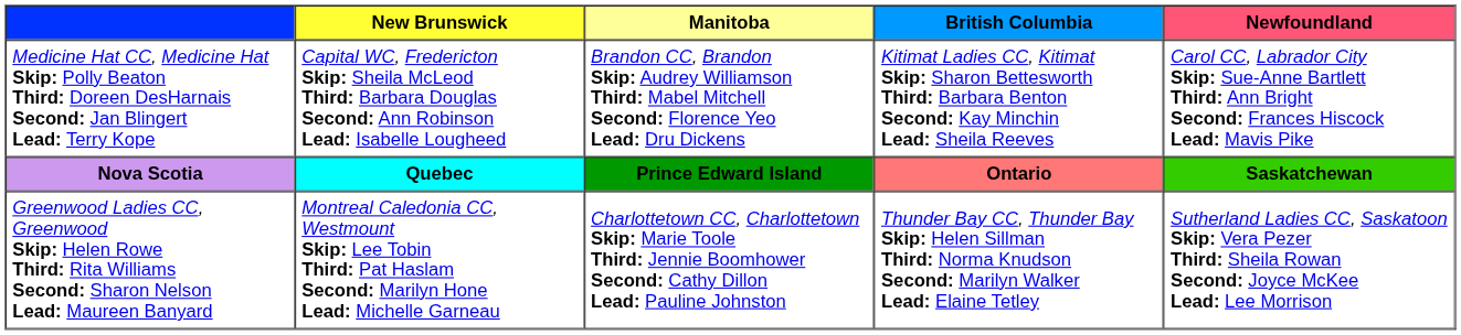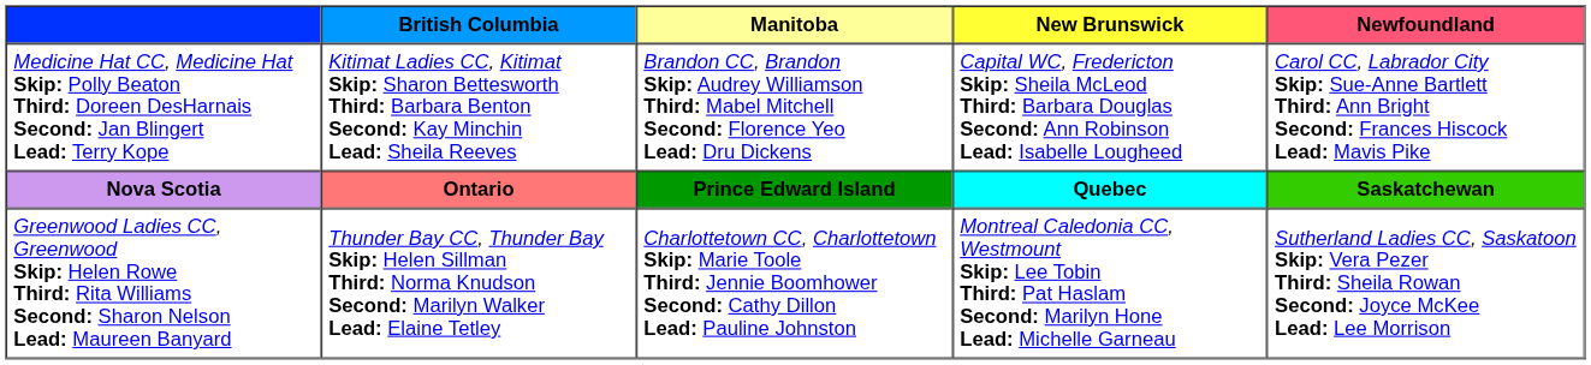 <table border=1 cellpadding=5 cellspacing=0>
 <tr>
 <th bgcolor="#0033ff" width="250"></th>
+<th bgcolor="#0099ff" width="250">British Columbia</th>
+<th bgcolor="#ffff99" width="250">Manitoba</th>
 <th bgcolor="#ffff33" width="250">New Brunswick</th>
-<th bgcolor="#ffff99" width="250">Manitoba</th>
-<th bgcolor="#0099ff" width="250">British Columbia</th>
 <th bgcolor="#ff5577" width="250">Newfoundland</th>
 </tr>
 <tr align=center>
 <td align=left><em><a href='#'>Medicine Hat CC</a>, <a href='#'>Medicine Hat</a></em><br><strong>Skip:</strong>  <a href='#'>Polly Beaton</a><br> <strong>Third:</strong>  <a href='#'>Doreen DesHarnais</a> <br> <strong>Second:</strong>  <a href='#'>Jan Blingert</a> <br> <strong>Lead:</strong> <a href='#'>Terry Kope</a> <br></td>
+<td align=left><em><a href='#'>Kitimat Ladies CC</a>, <a href='#'>Kitimat</a></em><br><strong>Skip:</strong>  <a href='#'>Sharon Bettesworth</a> <br> <strong>Third:</strong> <a href='#'>Barbara Benton</a><br> <strong>Second:</strong> <a href='#'>Kay Minchin</a> <br> <strong>Lead:</strong> <a href='#'>Sheila Reeves</a> <br></td>
+<td align=left><em><a href='#'>Brandon CC</a>, <a href='#'>Brandon</a></em><br><strong>Skip:</strong> <a href='#'>Audrey Williamson</a> <br> <strong>Third:</strong> <a href='#'>Mabel Mitchell</a> <br> <strong>Second:</strong> <a href='#'>Florence Yeo</a> <br> <strong>Lead:</strong> <a href='#'>Dru Dickens</a><br></td>
 <td align=left><em><a href='#'>Capital WC</a>, <a href='#'>Fredericton</a></em><br><strong>Skip:</strong>  <a href='#'>Sheila McLeod</a> <br> <strong>Third:</strong> <a href='#'>Barbara Douglas</a><br> <strong>Second:</strong> <a href='#'>Ann Robinson</a> <br> <strong>Lead:</strong> <a href='#'>Isabelle Lougheed</a> <br></td>
-<td align=left><em><a href='#'>Brandon CC</a>, <a href='#'>Brandon</a></em><br><strong>Skip:</strong> <a href='#'>Audrey Williamson</a> <br> <strong>Third:</strong> <a href='#'>Mabel Mitchell</a> <br> <strong>Second:</strong> <a href='#'>Florence Yeo</a> <br> <strong>Lead:</strong> <a href='#'>Dru Dickens</a><br></td>
-<td align=left><em><a href='#'>Kitimat Ladies CC</a>, <a href='#'>Kitimat</a></em><br><strong>Skip:</strong>  <a href='#'>Sharon Bettesworth</a> <br> <strong>Third:</strong> <a href='#'>Barbara Benton</a><br> <strong>Second:</strong> <a href='#'>Kay Minchin</a> <br> <strong>Lead:</strong> <a href='#'>Sheila Reeves</a> <br></td>
 <td align=left><em><a href='#'>Carol CC</a>, <a href='#'>Labrador City</a></em><br><strong>Skip:</strong>  <a href='#'>Sue-Anne Bartlett</a> <br> <strong>Third:</strong> <a href='#'>Ann Bright</a> <br> <strong>Second:</strong> <a href='#'>Frances Hiscock</a> <br> <strong>Lead:</strong> <a href='#'>Mavis Pike</a> <br></td>
 </tr>
 <tr border=1 cellpadding=5 cellspacing=0>
 <th bgcolor="#cc99ee" width="250">Nova Scotia</th>
+<th bgcolor="#ff7777" width="250">Ontario</th>
+<th bgcolor="#009900" width="250">Prince Edward Island</th>
 <th bgcolor="#00ffff" width="250">Quebec</th>
-<th bgcolor="#009900" width="250">Prince Edward Island</th>
-<th bgcolor="#ff7777" width="250">Ontario</th>
 <th bgcolor="#33cc00" width="250">Saskatchewan</th>
 </tr>
 <tr align=center>
 <td align=left><em><a href='#'>Greenwood Ladies CC</a>, <a href='#'>Greenwood</a></em><br><strong>Skip:</strong>  <a href='#'>Helen Rowe</a> <br> <strong>Third:</strong> <a href='#'>Rita Williams</a> <br> <strong>Second:</strong> <a href='#'>Sharon Nelson</a> <br> <strong>Lead:</strong> <a href='#'>Maureen Banyard</a><br></td>
+<td align=left><em><a href='#'>Thunder Bay CC</a>, <a href='#'>Thunder Bay</a></em><br><strong>Skip:</strong>  <a href='#'>Helen Sillman</a> <br> <strong>Third:</strong> <a href='#'>Norma Knudson</a><br> <strong>Second:</strong> <a href='#'>Marilyn Walker</a> <br> <strong>Lead:</strong> <a href='#'>Elaine Tetley</a> <br></td>
+<td align=left><em><a href='#'>Charlottetown CC</a>, <a href='#'>Charlottetown</a></em><br><strong>Skip:</strong>  <a href='#'>Marie Toole</a> <br> <strong>Third:</strong> <a href='#'>Jennie Boomhower</a><br> <strong>Second:</strong> <a href='#'>Cathy Dillon</a> <br> <strong>Lead:</strong> <a href='#'>Pauline Johnston</a> <br></td>
 <td align=left><em><a href='#'>Montreal Caledonia CC</a>, <a href='#'>Westmount</a></em><br><strong>Skip:</strong>  <a href='#'>Lee Tobin</a><br> <strong>Third:</strong> <a href='#'>Pat Haslam</a><br> <strong>Second:</strong> <a href='#'>Marilyn Hone</a><br> <strong>Lead:</strong> <a href='#'>Michelle Garneau</a><br></td>
-<td align=left><em><a href='#'>Charlottetown CC</a>, <a href='#'>Charlottetown</a></em><br><strong>Skip:</strong>  <a href='#'>Marie Toole</a> <br> <strong>Third:</strong> <a href='#'>Jennie Boomhower</a><br> <strong>Second:</strong> <a href='#'>Cathy Dillon</a> <br> <strong>Lead:</strong> <a href='#'>Pauline Johnston</a> <br></td>
-<td align=left><em><a href='#'>Thunder Bay CC</a>, <a href='#'>Thunder Bay</a></em><br><strong>Skip:</strong>  <a href='#'>Helen Sillman</a> <br> <strong>Third:</strong> <a href='#'>Norma Knudson</a><br> <strong>Second:</strong> <a href='#'>Marilyn Walker</a> <br> <strong>Lead:</strong> <a href='#'>Elaine Tetley</a> <br></td>
 <td align=left><em><a href='#'>Sutherland Ladies CC</a>, <a href='#'>Saskatoon</a></em><br><strong>Skip:</strong>  <a href='#'>Vera Pezer</a><br> <strong>Third:</strong> <a href='#'>Sheila Rowan</a><br> <strong>Second:</strong> <a href='#'>Joyce McKee</a><br> <strong>Lead:</strong> <a href='#'>Lee Morrison</a><br></td>
 </tr>
 </table>
